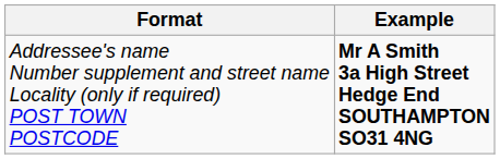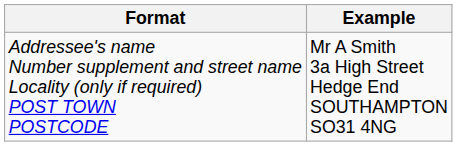 <table class="wikitable">
 <tr>
 <th>Format</th>
 <th>Example</th>
 </tr>
 <tr>
 <td><em>Addressee's name</em> <br> <em>Number supplement and street name</em> <br> <em>Locality (only if required)</em> <br> <em><a href='#'>POST TOWN</a></em> <br> <em><a href='#'>POSTCODE</a></em></td>
-<td><strong>Mr A Smith <br> 3a High Street <br> Hedge End <br> SOUTHAMPTON <br> SO31 4NG</strong></td>
+<td>Mr A Smith <br> 3a High Street <br> Hedge End <br> SOUTHAMPTON <br> SO31 4NG</td>
 </tr>
 </table>
